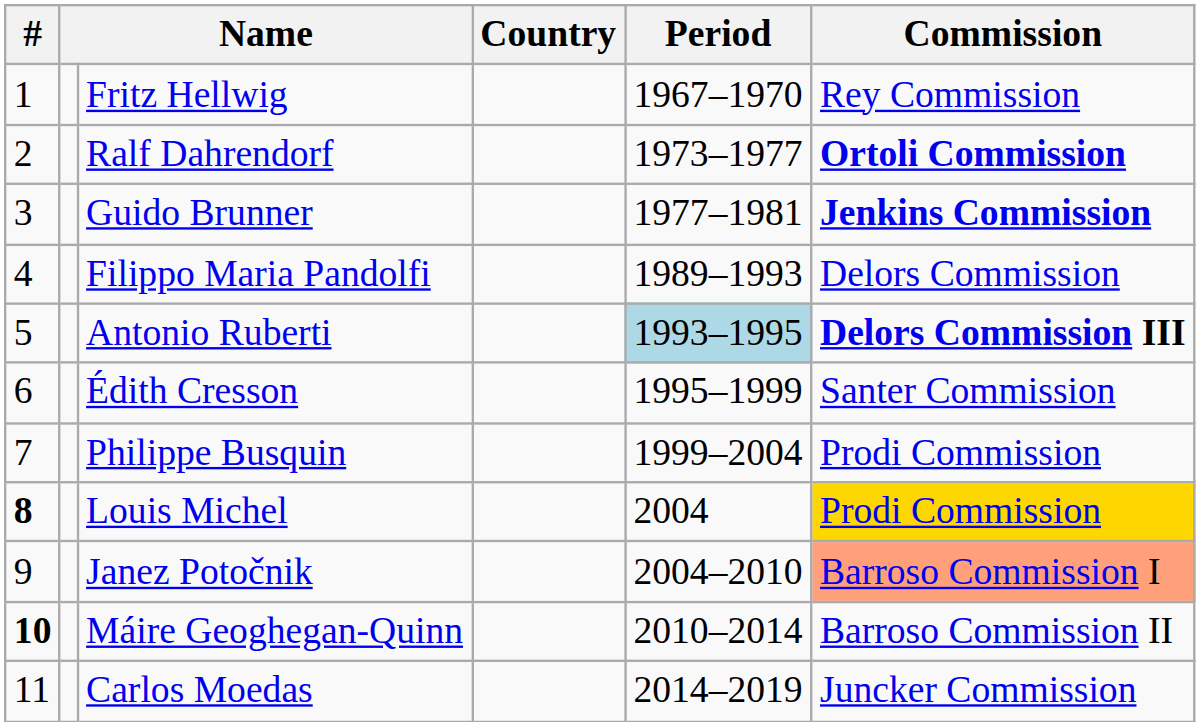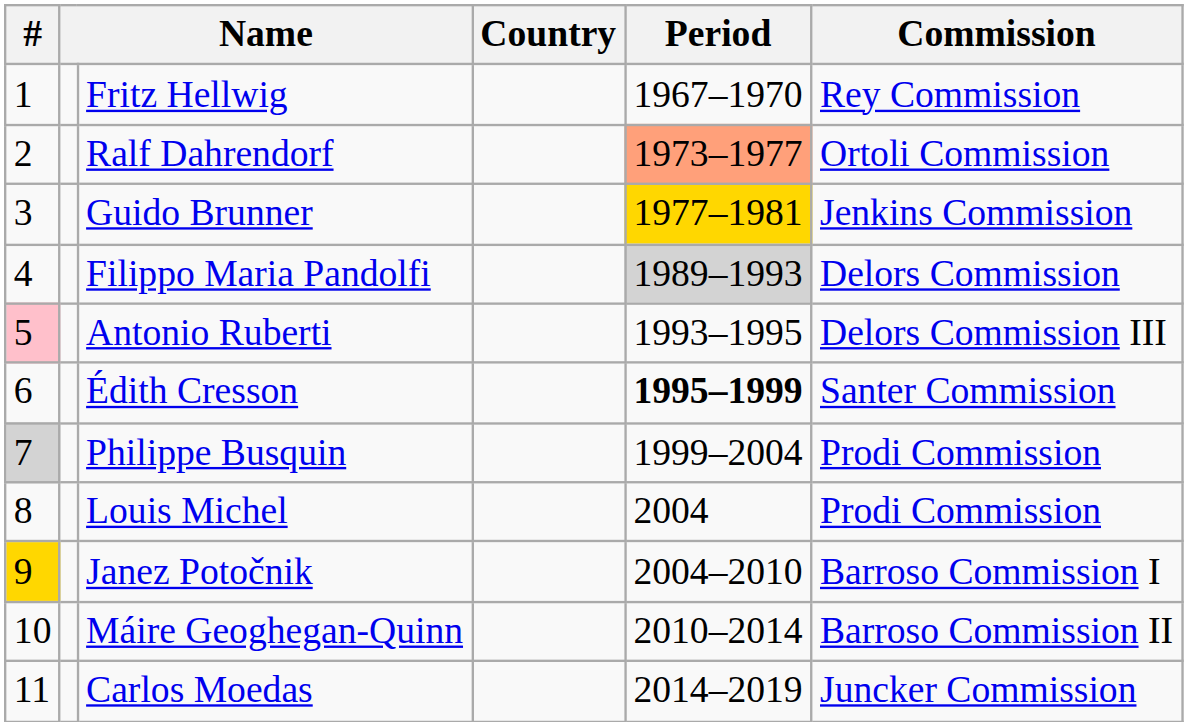 <table class="wikitable">
 <tr>
 <th>#</th>
 <th colspan=2>Name</th>
 <th>Country</th>
 <th>Period</th>
 <th>Commission</th>
 </tr>
 <tr>
 <td>1</td>
 <td></td>
 <td><a href='#'>Fritz Hellwig</a></td>
 <td></td>
 <td>1967–1970</td>
 <td><a href='#'>Rey Commission</a></td>
 </tr>
 <tr>
 <td>2</td>
 <td></td>
 <td><a href='#'>Ralf Dahrendorf</a></td>
 <td></td>
-<td>1973–1977</td>
-<td><strong><a href='#'>Ortoli Commission</a></strong></td>
+<td style="background: lightsalmon;">1973–1977</td>
+<td><a href='#'>Ortoli Commission</a></td>
 </tr>
 <tr>
 <td>3</td>
 <td></td>
 <td><a href='#'>Guido Brunner</a></td>
 <td></td>
-<td>1977–1981</td>
-<td><strong><a href='#'>Jenkins Commission</a></strong></td>
+<td style="background: gold;">1977–1981</td>
+<td><a href='#'>Jenkins Commission</a></td>
 </tr>
 <tr>
 <td>4</td>
 <td></td>
 <td><a href='#'>Filippo Maria Pandolfi</a></td>
 <td></td>
-<td>1989–1993</td>
+<td style="background: lightgrey;">1989–1993</td>
 <td><a href='#'>Delors Commission</a></td>
 </tr>
 <tr>
-<td>5</td>
+<td style="background: pink;">5</td>
 <td></td>
 <td><a href='#'>Antonio Ruberti</a></td>
 <td></td>
-<td style="background: lightblue;">1993–1995</td>
-<td><strong><a href='#'>Delors Commission</a> III</strong></td>
+<td>1993–1995</td>
+<td><a href='#'>Delors Commission</a> III</td>
 </tr>
 <tr>
 <td>6</td>
 <td></td>
 <td><a href='#'>Édith Cresson</a></td>
 <td></td>
-<td>1995–1999</td>
+<td><strong>1995–1999</strong></td>
 <td><a href='#'>Santer Commission</a></td>
 </tr>
 <tr>
-<td>7</td>
+<td style="background: lightgrey;">7</td>
 <td></td>
 <td><a href='#'>Philippe Busquin</a></td>
 <td></td>
 <td>1999–2004</td>
 <td><a href='#'>Prodi Commission</a></td>
 </tr>
 <tr>
-<td><strong>8</strong></td>
+<td>8</td>
 <td></td>
 <td><a href='#'>Louis Michel</a></td>
 <td></td>
 <td>2004</td>
-<td style="background: gold;"><a href='#'>Prodi Commission</a></td>
+<td><a href='#'>Prodi Commission</a></td>
 </tr>
 <tr>
-<td>9</td>
+<td style="background: gold;">9</td>
 <td></td>
 <td><a href='#'>Janez Potočnik</a></td>
 <td></td>
 <td>2004–2010</td>
-<td style="background: lightsalmon;"><a href='#'>Barroso Commission</a> I</td>
+<td><a href='#'>Barroso Commission</a> I</td>
 </tr>
 <tr>
-<td><strong>10</strong></td>
+<td>10</td>
 <td></td>
 <td><a href='#'>Máire Geoghegan-Quinn</a></td>
 <td></td>
 <td>2010–2014</td>
 <td><a href='#'>Barroso Commission</a> II</td>
 </tr>
 <tr>
 <td>11</td>
 <td></td>
 <td><a href='#'>Carlos Moedas</a></td>
 <td></td>
 <td>2014–2019</td>
 <td><a href='#'>Juncker Commission</a></td>
 </tr>
 </table>
